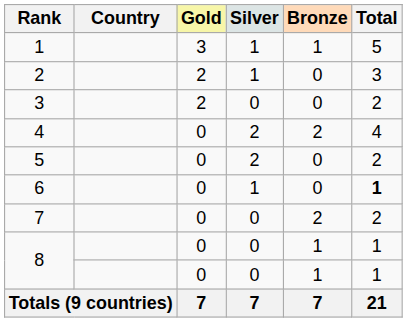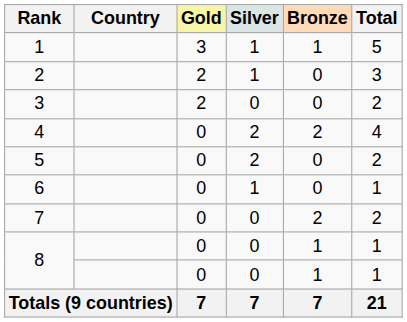 <table class="wikitable sortable" style="text-align:center;">
 <tr>
 <th>Rank</th>
 <th>Country</th>
 <th style="background:#F7F6A8"> Gold</th>
 <th style="background:#DCE5E5"> Silver</th>
 <th style="background:#FFDAB9"> Bronze</th>
 <th>Total</th>
 </tr>
 <tr>
 <td>1</td>
 <td style="text-align:left;"></td>
 <td>3</td>
 <td>1</td>
 <td>1</td>
 <td>5</td>
 </tr>
 <tr>
 <td>2</td>
 <td style="text-align:left;"></td>
 <td>2</td>
 <td>1</td>
 <td>0</td>
 <td>3</td>
 </tr>
 <tr>
 <td>3</td>
 <td style="text-align:left;"></td>
 <td>2</td>
 <td>0</td>
 <td>0</td>
 <td>2</td>
 </tr>
 <tr>
 <td>4</td>
 <td style="text-align:left;"></td>
 <td>0</td>
 <td>2</td>
 <td>2</td>
 <td>4</td>
 </tr>
 <tr>
 <td>5</td>
 <td style="text-align:left;"></td>
 <td>0</td>
 <td>2</td>
 <td>0</td>
 <td>2</td>
 </tr>
 <tr>
 <td>6</td>
 <td style="text-align:left;"></td>
 <td>0</td>
 <td>1</td>
 <td>0</td>
-<td><strong>1</strong></td>
+<td>1</td>
 </tr>
 <tr>
 <td>7</td>
 <td style="text-align:left;"></td>
 <td>0</td>
 <td>0</td>
 <td>2</td>
 <td>2</td>
 </tr>
 <tr>
 <td rowspan="2">8</td>
 <td style="text-align:left;"></td>
 <td>0</td>
 <td>0</td>
 <td>1</td>
 <td>1</td>
 </tr>
 <tr>
 <td style="text-align:left;"></td>
 <td>0</td>
 <td>0</td>
 <td>1</td>
 <td>1</td>
 </tr>
 <tr>
 <th colspan="2" style="text-align:left;">Totals (9 countries)</th>
 <th>7</th>
 <th>7</th>
 <th>7</th>
 <th>21</th>
 </tr>
 </table>
